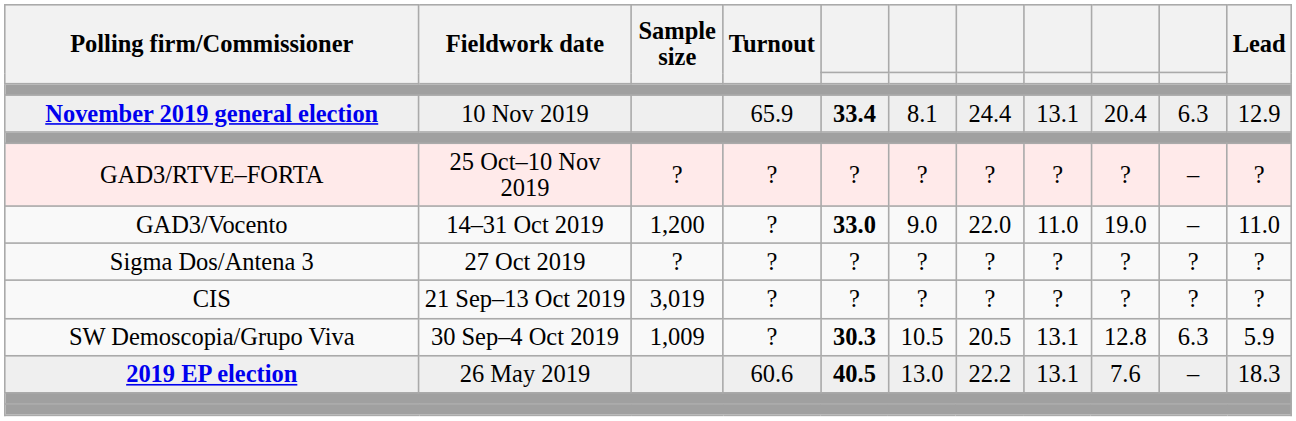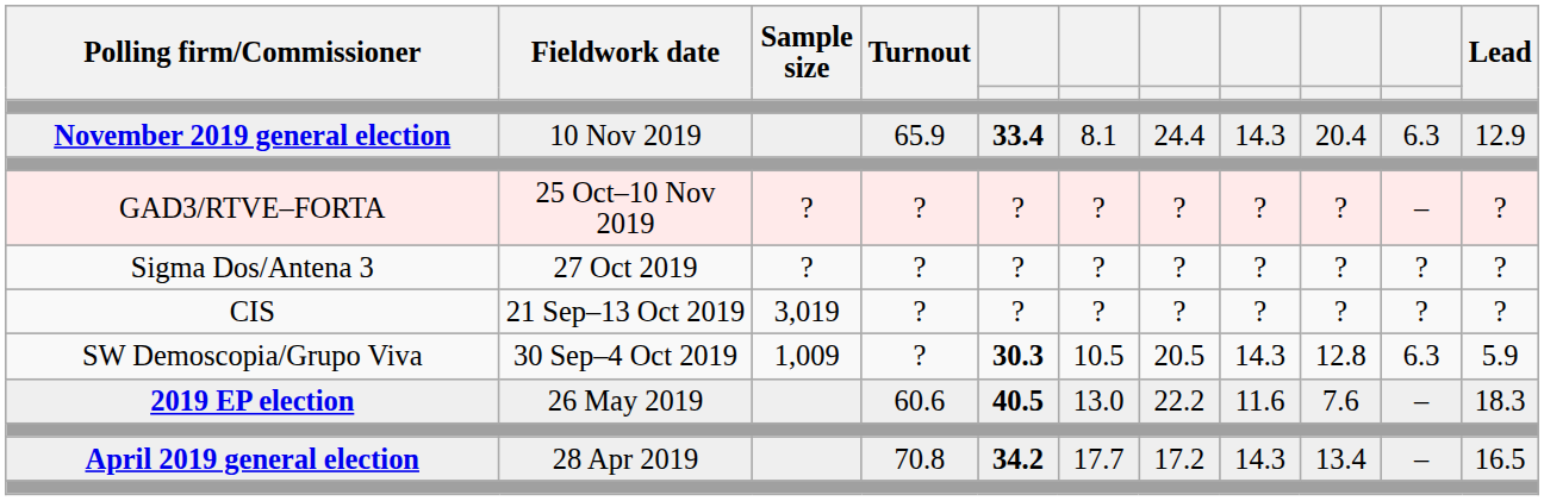 <table class="wikitable collapsible collapsed" style="text-align:center; font-size:95%; line-height:16px;">
 <tr style="height:42px;">
 <th style="width:250px;" rowspan="2">Polling firm/Commissioner</th>
 <th style="width:125px;" rowspan="2">Fieldwork date</th>
 <th style="width:50px;" rowspan="2">Sample size</th>
 <th style="width:45px;" rowspan="2">Turnout</th>
 <th style="width:35px;"></th>
 <th style="width:35px;"></th>
 <th style="width:35px;"></th>
 <th style="width:35px;"></th>
 <th style="width:35px;"></th>
 <th style="width:35px;"></th>
 <th style="width:30px;" rowspan="2">Lead</th>
 </tr>
 <tr>
 <th style="color:inherit;background:"></th>
 <th style="color:inherit;background:"></th>
 <th style="color:inherit;background:"></th>
 <th style="color:inherit;background:"></th>
 <th style="color:inherit;background:"></th>
 <th style="color:inherit;background:"></th>
 </tr>
 <tr>
 <td colspan="11" style="background:#A0A0A0"></td>
 </tr>
 <tr style="background:#EFEFEF;">
 <td><strong><a href='#'>November 2019 general election</a></strong></td>
 <td>10 Nov 2019</td>
 <td></td>
 <td>65.9</td>
 <td><strong>33.4</strong><br></td>
 <td>8.1<br></td>
 <td>24.4<br></td>
-<td>13.1<br></td>
+<td>14.3<br></td>
 <td>20.4<br></td>
 <td>6.3<br></td>
 <td style="background:">12.9</td>
 </tr>
 <tr>
 <td colspan="11" style="background:#A0A0A0"></td>
 </tr>
 <tr style="background:#FFEAEA;">
 <td>GAD3/RTVE–FORTA</td>
 <td>25 Oct–10 Nov 2019</td>
 <td>?</td>
 <td>?</td>
 <td>?<br></td>
 <td>?<br></td>
 <td>?<br></td>
 <td>?<br></td>
 <td>?<br></td>
 <td>–</td>
 <td style="background:">?</td>
-</tr>
-<tr>
-<td>GAD3/Vocento</td>
-<td>14–31 Oct 2019</td>
-<td>1,200</td>
-<td>?</td>
-<td><strong>33.0</strong><br></td>
-<td>9.0<br></td>
-<td>22.0<br></td>
-<td>11.0<br></td>
-<td>19.0<br></td>
-<td>–</td>
-<td style="background:">11.0</td>
 </tr>
 <tr>
 <td>Sigma Dos/Antena 3</td>
 <td>27 Oct 2019</td>
 <td>?</td>
 <td>?</td>
 <td>?<br></td>
 <td>?<br></td>
 <td>?<br></td>
 <td>?<br></td>
 <td>?<br></td>
 <td>?<br></td>
 <td style="background:">?</td>
 </tr>
 <tr>
 <td>CIS</td>
 <td>21 Sep–13 Oct 2019</td>
 <td>3,019</td>
 <td>?</td>
 <td>?<br></td>
 <td>?<br></td>
 <td>?<br></td>
 <td>?<br></td>
 <td>?<br></td>
 <td>?<br></td>
 <td style="background:">?</td>
 </tr>
 <tr>
 <td>SW Demoscopia/Grupo Viva</td>
 <td>30 Sep–4 Oct 2019</td>
 <td>1,009</td>
 <td>?</td>
 <td><strong>30.3</strong><br></td>
 <td>10.5<br></td>
 <td>20.5<br></td>
-<td>13.1<br></td>
+<td>14.3<br></td>
 <td>12.8<br></td>
 <td>6.3<br></td>
 <td style="background:">5.9</td>
 </tr>
 <tr style="background:#EFEFEF;">
 <td><strong><a href='#'>2019 EP election</a></strong></td>
 <td>26 May 2019</td>
 <td></td>
 <td>60.6</td>
 <td><strong>40.5</strong><br></td>
 <td>13.0<br></td>
 <td>22.2<br></td>
-<td>13.1<br></td>
+<td>11.6<br></td>
 <td>7.6<br></td>
 <td>–</td>
 <td style="background:">18.3</td>
 </tr>
 <tr>
 <td colspan="11" style="background:#A0A0A0"></td>
 </tr>
+<tr style="background:#EFEFEF;">
+<td><strong><a href='#'>April 2019 general election</a></strong></td>
+<td>28 Apr 2019</td>
+<td></td>
+<td>70.8</td>
+<td><strong>34.2</strong><br></td>
+<td>17.7<br></td>
+<td>17.2<br></td>
+<td>14.3<br></td>
+<td>13.4<br></td>
+<td>–</td>
+<td style="background:">16.5</td>
+</tr>
 <tr>
 <td colspan="11" style="background:#A0A0A0"></td>
 </tr>
 </table>
